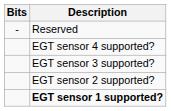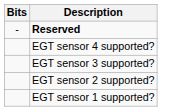 <table class="wikitable">
 <tr>
 <th>Bits</th>
 <th>Description</th>
 </tr>
 <tr>
 <td align="center">-</td>
-<td>Reserved</td>
+<td><strong>Reserved</strong></td>
 </tr>
 <tr>
 <td align="center"></td>
 <td>EGT sensor 4 supported?</td>
 </tr>
 <tr>
 <td align="center"></td>
 <td>EGT sensor 3 supported?</td>
 </tr>
 <tr>
 <td align="center"></td>
 <td>EGT sensor 2 supported?</td>
 </tr>
 <tr>
 <td align="center"></td>
-<td><strong>EGT sensor 1 supported?</strong></td>
+<td>EGT sensor 1 supported?</td>
 </tr>
 </table>
